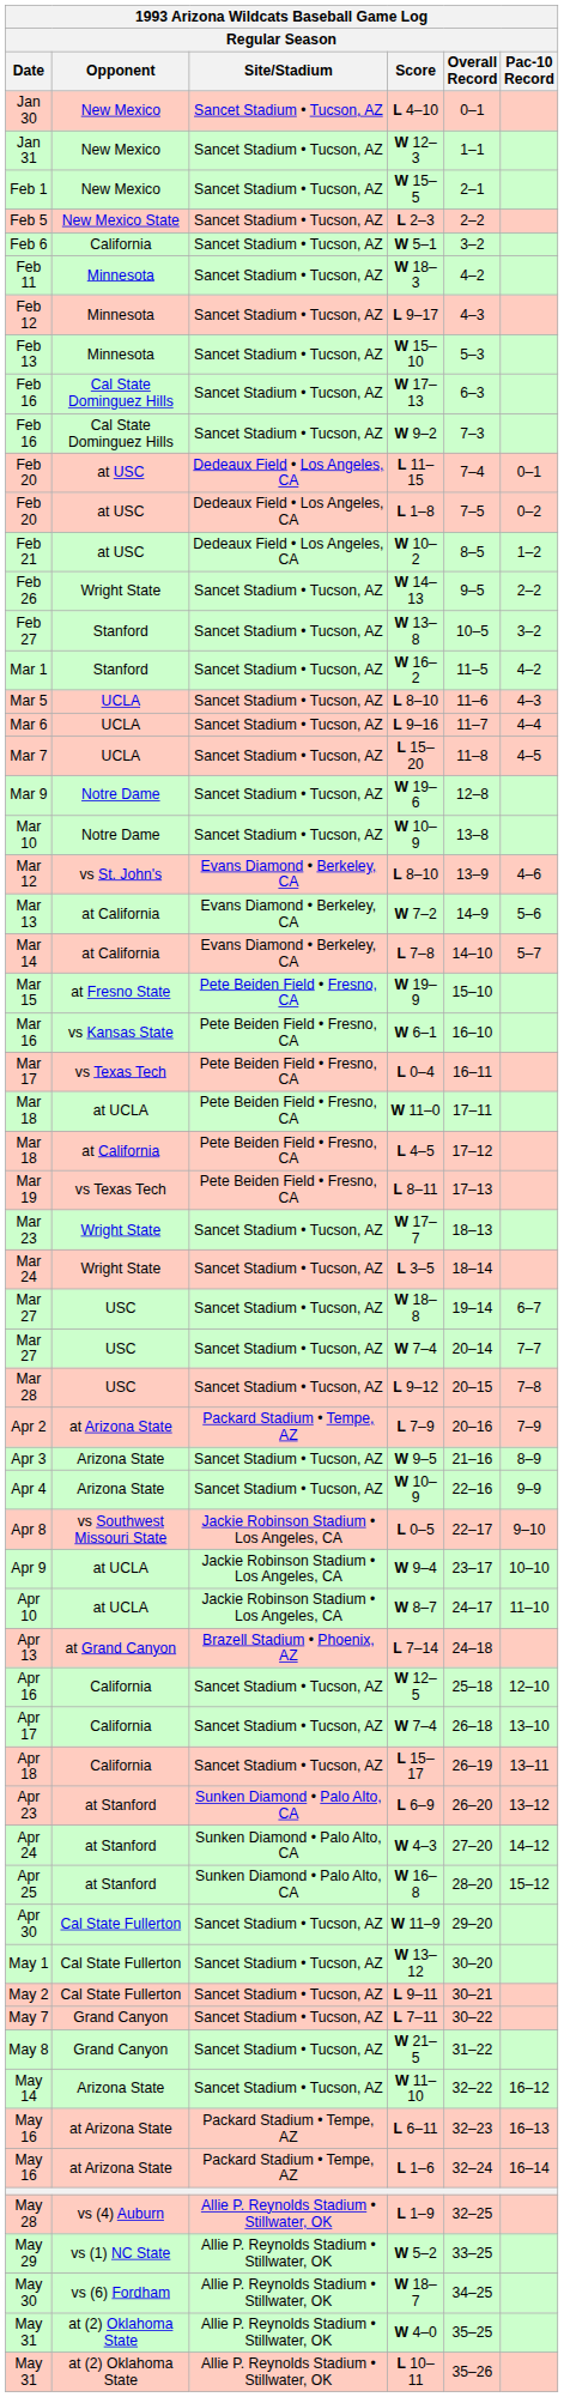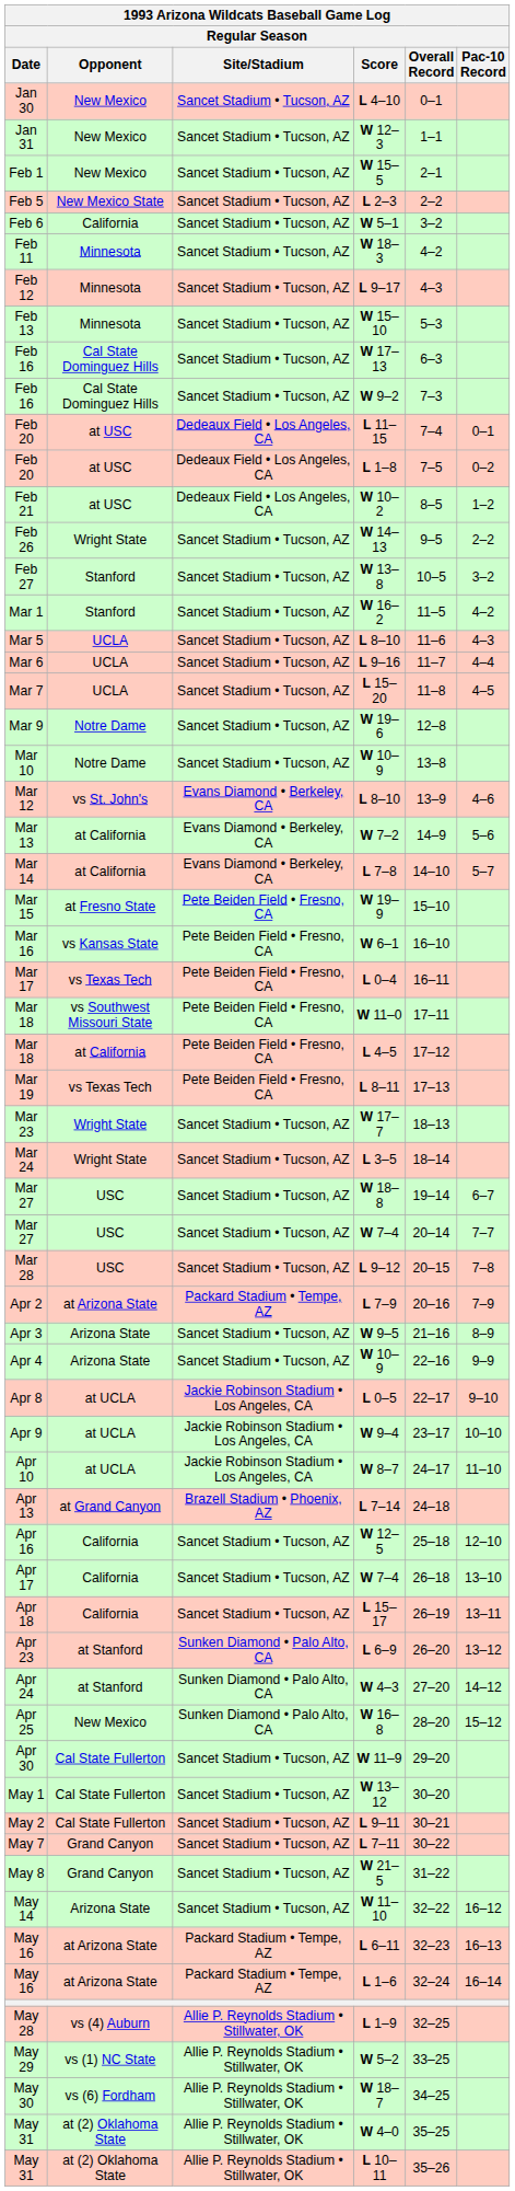 <table class="wikitable">
 <tr>
 <th colspan="6">1993 Arizona Wildcats Baseball Game Log</th>
 </tr>
 <tr>
 <th colspan="6">Regular Season</th>
 </tr>
 <tr>
 <th>Date</th>
 <th>Opponent</th>
 <th>Site/Stadium</th>
 <th>Score</th>
 <th>Overall<br>Record</th>
 <th>Pac-10<br>Record</th>
 </tr>
 <tr bgcolor="ffccc" align="center">
 <td>Jan 30</td>
 <td><a href='#'>New Mexico</a></td>
 <td><a href='#'>Sancet Stadium</a> • <a href='#'>Tucson, AZ</a></td>
 <td><strong>L</strong> 4–10</td>
 <td>0–1</td>
 <td></td>
 </tr>
 <tr bgcolor="ccffcc" align="center">
 <td>Jan 31</td>
 <td>New Mexico</td>
 <td>Sancet Stadium • Tucson, AZ</td>
 <td><strong>W</strong> 12–3</td>
 <td>1–1</td>
 <td></td>
 </tr>
 <tr bgcolor="ccffcc" align="center">
 <td>Feb 1</td>
 <td>New Mexico</td>
 <td>Sancet Stadium • Tucson, AZ</td>
 <td><strong>W</strong> 15–5</td>
 <td>2–1</td>
 <td></td>
 </tr>
 <tr bgcolor="ffccc" align="center">
 <td>Feb 5</td>
 <td><a href='#'>New Mexico State</a></td>
 <td>Sancet Stadium • Tucson, AZ</td>
 <td><strong>L</strong> 2–3</td>
 <td>2–2</td>
 <td></td>
 </tr>
 <tr bgcolor="ccffcc" align="center">
 <td>Feb 6</td>
 <td>California</td>
 <td>Sancet Stadium • Tucson, AZ</td>
 <td><strong>W</strong> 5–1</td>
 <td>3–2</td>
 <td></td>
 </tr>
 <tr bgcolor="ccffcc" align="center">
 <td>Feb 11</td>
 <td><a href='#'>Minnesota</a></td>
 <td>Sancet Stadium • Tucson, AZ</td>
 <td><strong>W</strong> 18–3</td>
 <td>4–2</td>
 <td></td>
 </tr>
 <tr bgcolor="ffccc" align="center">
 <td>Feb 12</td>
 <td>Minnesota</td>
 <td>Sancet Stadium • Tucson, AZ</td>
 <td><strong>L</strong> 9–17</td>
 <td>4–3</td>
 <td></td>
 </tr>
 <tr bgcolor="ccffcc" align="center">
 <td>Feb 13</td>
 <td>Minnesota</td>
 <td>Sancet Stadium • Tucson, AZ</td>
 <td><strong>W</strong> 15–10</td>
 <td>5–3</td>
 <td></td>
 </tr>
 <tr bgcolor="ccffcc" align="center">
 <td>Feb 16</td>
 <td><a href='#'>Cal State Dominguez Hills</a></td>
 <td>Sancet Stadium • Tucson, AZ</td>
 <td><strong>W</strong> 17–13</td>
 <td>6–3</td>
 <td></td>
 </tr>
 <tr bgcolor="ccffcc" align="center">
 <td>Feb 16</td>
 <td>Cal State Dominguez Hills</td>
 <td>Sancet Stadium • Tucson, AZ</td>
 <td><strong>W</strong> 9–2</td>
 <td>7–3</td>
 <td></td>
 </tr>
 <tr bgcolor="ffccc" align="center">
 <td>Feb 20</td>
 <td>at <a href='#'>USC</a></td>
 <td><a href='#'>Dedeaux Field</a> • <a href='#'>Los Angeles, CA</a></td>
 <td><strong>L</strong> 11–15</td>
 <td>7–4</td>
 <td>0–1</td>
 </tr>
 <tr bgcolor="ffccc" align="center">
 <td>Feb 20</td>
 <td>at USC</td>
 <td>Dedeaux Field • Los Angeles, CA</td>
 <td><strong>L</strong> 1–8</td>
 <td>7–5</td>
 <td>0–2</td>
 </tr>
 <tr bgcolor="ccffcc" align="center">
 <td>Feb 21</td>
 <td>at USC</td>
 <td>Dedeaux Field • Los Angeles, CA</td>
 <td><strong>W</strong> 10–2</td>
 <td>8–5</td>
 <td>1–2</td>
 </tr>
 <tr bgcolor="ccffcc" align="center">
 <td>Feb 26</td>
 <td>Wright State</td>
 <td>Sancet Stadium • Tucson, AZ</td>
 <td><strong>W</strong> 14–13</td>
 <td>9–5</td>
 <td>2–2</td>
 </tr>
 <tr bgcolor="ccffcc" align="center">
 <td>Feb 27</td>
 <td>Stanford</td>
 <td>Sancet Stadium • Tucson, AZ</td>
 <td><strong>W</strong> 13–8</td>
 <td>10–5</td>
 <td>3–2</td>
 </tr>
 <tr bgcolor="ccffcc" align="center">
 <td>Mar 1</td>
 <td>Stanford</td>
 <td>Sancet Stadium • Tucson, AZ</td>
 <td><strong>W</strong> 16–2</td>
 <td>11–5</td>
 <td>4–2</td>
 </tr>
 <tr bgcolor="ffccc" align="center">
 <td>Mar 5</td>
 <td><a href='#'>UCLA</a></td>
 <td>Sancet Stadium • Tucson, AZ</td>
 <td><strong>L</strong> 8–10</td>
 <td>11–6</td>
 <td>4–3</td>
 </tr>
 <tr bgcolor="ffccc" align="center">
 <td>Mar 6</td>
 <td>UCLA</td>
 <td>Sancet Stadium • Tucson, AZ</td>
 <td><strong>L</strong> 9–16</td>
 <td>11–7</td>
 <td>4–4</td>
 </tr>
 <tr bgcolor="ffccc" align="center">
 <td>Mar 7</td>
 <td>UCLA</td>
 <td>Sancet Stadium • Tucson, AZ</td>
 <td><strong>L</strong> 15–20</td>
 <td>11–8</td>
 <td>4–5</td>
 </tr>
 <tr bgcolor="ccffcc" align="center">
 <td>Mar 9</td>
 <td><a href='#'>Notre Dame</a></td>
 <td>Sancet Stadium • Tucson, AZ</td>
 <td><strong>W</strong> 19–6</td>
 <td>12–8</td>
 <td></td>
 </tr>
 <tr bgcolor="ccffcc" align="center">
 <td>Mar 10</td>
 <td>Notre Dame</td>
 <td>Sancet Stadium • Tucson, AZ</td>
 <td><strong>W</strong> 10–9</td>
 <td>13–8</td>
 <td></td>
 </tr>
 <tr bgcolor="ffccc" align="center">
 <td>Mar 12</td>
 <td>vs <a href='#'>St. John's</a></td>
 <td><a href='#'>Evans Diamond</a> • <a href='#'>Berkeley, CA</a></td>
 <td><strong>L</strong> 8–10</td>
 <td>13–9</td>
 <td>4–6</td>
 </tr>
 <tr bgcolor="ccffcc" align="center">
 <td>Mar 13</td>
 <td>at California</td>
 <td>Evans Diamond • Berkeley, CA</td>
 <td><strong>W</strong> 7–2</td>
 <td>14–9</td>
 <td>5–6</td>
 </tr>
 <tr bgcolor="ffccc" align="center">
 <td>Mar 14</td>
 <td>at California</td>
 <td>Evans Diamond • Berkeley, CA</td>
 <td><strong>L</strong> 7–8</td>
 <td>14–10</td>
 <td>5–7</td>
 </tr>
 <tr bgcolor="ccffcc" align="center">
 <td>Mar 15</td>
 <td>at <a href='#'>Fresno State</a></td>
 <td><a href='#'>Pete Beiden Field</a> • <a href='#'>Fresno, CA</a></td>
 <td><strong>W</strong> 19–9</td>
 <td>15–10</td>
 <td></td>
 </tr>
 <tr bgcolor="ccffcc" align="center">
 <td>Mar 16</td>
 <td>vs <a href='#'>Kansas State</a></td>
 <td>Pete Beiden Field • Fresno, CA</td>
 <td><strong>W</strong> 6–1</td>
 <td>16–10</td>
 <td></td>
 </tr>
 <tr bgcolor="ffccc" align="center">
 <td>Mar 17</td>
 <td>vs <a href='#'>Texas Tech</a></td>
 <td>Pete Beiden Field • Fresno, CA</td>
 <td><strong>L</strong> 0–4</td>
 <td>16–11</td>
 <td></td>
 </tr>
 <tr bgcolor="ccffcc" align="center">
 <td>Mar 18</td>
-<td>at UCLA</td>
+<td>vs <a href='#'>Southwest Missouri State</a></td>
 <td>Pete Beiden Field • Fresno, CA</td>
 <td><strong>W</strong> 11–0</td>
 <td>17–11</td>
 <td></td>
 </tr>
 <tr bgcolor="ffccc" align="center">
 <td>Mar 18</td>
 <td>at <a href='#'>California</a></td>
 <td>Pete Beiden Field • Fresno, CA</td>
 <td><strong>L</strong> 4–5</td>
 <td>17–12</td>
 <td></td>
 </tr>
 <tr bgcolor="ffccc" align="center">
 <td>Mar 19</td>
 <td>vs Texas Tech</td>
 <td>Pete Beiden Field • Fresno, CA</td>
 <td><strong>L</strong> 8–11</td>
 <td>17–13</td>
 <td></td>
 </tr>
 <tr bgcolor="ccffcc" align="center">
 <td>Mar 23</td>
 <td><a href='#'>Wright State</a></td>
 <td>Sancet Stadium • Tucson, AZ</td>
 <td><strong>W</strong> 17–7</td>
 <td>18–13</td>
 <td></td>
 </tr>
 <tr bgcolor="ffccc" align="center">
 <td>Mar 24</td>
 <td>Wright State</td>
 <td>Sancet Stadium • Tucson, AZ</td>
 <td><strong>L</strong> 3–5</td>
 <td>18–14</td>
 <td></td>
 </tr>
 <tr bgcolor="ccffcc" align="center">
 <td>Mar 27</td>
 <td>USC</td>
 <td>Sancet Stadium • Tucson, AZ</td>
 <td><strong>W</strong> 18–8</td>
 <td>19–14</td>
 <td>6–7</td>
 </tr>
 <tr bgcolor="ccffcc" align="center">
 <td>Mar 27</td>
 <td>USC</td>
 <td>Sancet Stadium • Tucson, AZ</td>
 <td><strong>W</strong> 7–4</td>
 <td>20–14</td>
 <td>7–7</td>
 </tr>
 <tr bgcolor="ffccc" align="center">
 <td>Mar 28</td>
 <td>USC</td>
 <td>Sancet Stadium • Tucson, AZ</td>
 <td><strong>L</strong> 9–12</td>
 <td>20–15</td>
 <td>7–8</td>
 </tr>
 <tr bgcolor="ffccc" align="center">
 <td>Apr 2</td>
 <td>at <a href='#'>Arizona State</a></td>
 <td><a href='#'>Packard Stadium</a> • <a href='#'>Tempe, AZ</a></td>
 <td><strong>L</strong> 7–9</td>
 <td>20–16</td>
 <td>7–9</td>
 </tr>
 <tr bgcolor="ccffcc" align="center">
 <td>Apr 3</td>
 <td>Arizona State</td>
 <td>Sancet Stadium • Tucson, AZ</td>
 <td><strong>W</strong> 9–5</td>
 <td>21–16</td>
 <td>8–9</td>
 </tr>
 <tr bgcolor="ccffcc" align="center">
 <td>Apr 4</td>
 <td>Arizona State</td>
 <td>Sancet Stadium • Tucson, AZ</td>
 <td><strong>W</strong> 10–9</td>
 <td>22–16</td>
 <td>9–9</td>
 </tr>
 <tr bgcolor="ffccc" align="center">
 <td>Apr 8</td>
-<td>vs <a href='#'>Southwest Missouri State</a></td>
+<td>at UCLA</td>
 <td><a href='#'>Jackie Robinson Stadium</a> • Los Angeles, CA</td>
 <td><strong>L</strong> 0–5</td>
 <td>22–17</td>
 <td>9–10</td>
 </tr>
 <tr bgcolor="ccffcc" align="center">
 <td>Apr 9</td>
 <td>at UCLA</td>
 <td>Jackie Robinson Stadium • Los Angeles, CA</td>
 <td><strong>W</strong> 9–4</td>
 <td>23–17</td>
 <td>10–10</td>
 </tr>
 <tr bgcolor="ccffcc" align="center">
 <td>Apr 10</td>
 <td>at UCLA</td>
 <td>Jackie Robinson Stadium • Los Angeles, CA</td>
 <td><strong>W</strong> 8–7</td>
 <td>24–17</td>
 <td>11–10</td>
 </tr>
 <tr bgcolor="ffccc" align="center">
 <td>Apr 13</td>
 <td>at <a href='#'>Grand Canyon</a></td>
 <td><a href='#'>Brazell Stadium</a> • <a href='#'>Phoenix, AZ</a></td>
 <td><strong>L</strong> 7–14</td>
 <td>24–18</td>
 <td></td>
 </tr>
 <tr bgcolor="ccffcc" align="center">
 <td>Apr 16</td>
 <td>California</td>
 <td>Sancet Stadium • Tucson, AZ</td>
 <td><strong>W</strong> 12–5</td>
 <td>25–18</td>
 <td>12–10</td>
 </tr>
 <tr bgcolor="ccffcc" align="center">
 <td>Apr 17</td>
 <td>California</td>
 <td>Sancet Stadium • Tucson, AZ</td>
 <td><strong>W</strong> 7–4</td>
 <td>26–18</td>
 <td>13–10</td>
 </tr>
 <tr bgcolor="ffccc" align="center">
 <td>Apr 18</td>
 <td>California</td>
 <td>Sancet Stadium • Tucson, AZ</td>
 <td><strong>L</strong> 15–17</td>
 <td>26–19</td>
 <td>13–11</td>
 </tr>
 <tr bgcolor="ffccc" align="center">
 <td>Apr 23</td>
 <td>at Stanford</td>
 <td><a href='#'>Sunken Diamond</a> • <a href='#'>Palo Alto, CA</a></td>
 <td><strong>L</strong> 6–9</td>
 <td>26–20</td>
 <td>13–12</td>
 </tr>
 <tr bgcolor="ccffcc" align="center">
 <td>Apr 24</td>
 <td>at Stanford</td>
 <td>Sunken Diamond • Palo Alto, CA</td>
 <td><strong>W</strong> 4–3</td>
 <td>27–20</td>
 <td>14–12</td>
 </tr>
 <tr bgcolor="ccffcc" align="center">
 <td>Apr 25</td>
-<td>at Stanford</td>
+<td>New Mexico</td>
 <td>Sunken Diamond • Palo Alto, CA</td>
 <td><strong>W</strong> 16–8</td>
 <td>28–20</td>
 <td>15–12</td>
 </tr>
 <tr bgcolor="ccffcc" align="center">
 <td>Apr 30</td>
 <td><a href='#'>Cal State Fullerton</a></td>
 <td>Sancet Stadium • Tucson, AZ</td>
 <td><strong>W</strong> 11–9</td>
 <td>29–20</td>
 <td></td>
 </tr>
 <tr bgcolor="ccffcc" align="center">
 <td>May 1</td>
 <td>Cal State Fullerton</td>
 <td>Sancet Stadium • Tucson, AZ</td>
 <td><strong>W</strong> 13–12</td>
 <td>30–20</td>
 <td></td>
 </tr>
 <tr bgcolor="ffccc" align="center">
 <td>May 2</td>
 <td>Cal State Fullerton</td>
 <td>Sancet Stadium • Tucson, AZ</td>
 <td><strong>L</strong> 9–11</td>
 <td>30–21</td>
 <td></td>
 </tr>
 <tr bgcolor="ffccc" align="center">
 <td>May 7</td>
 <td>Grand Canyon</td>
 <td>Sancet Stadium • Tucson, AZ</td>
 <td><strong>L</strong> 7–11</td>
 <td>30–22</td>
 <td></td>
 </tr>
 <tr bgcolor="ccffcc" align="center">
 <td>May 8</td>
 <td>Grand Canyon</td>
 <td>Sancet Stadium • Tucson, AZ</td>
 <td><strong>W</strong> 21–5</td>
 <td>31–22</td>
 <td></td>
 </tr>
 <tr bgcolor="ccffcc" align="center">
 <td>May 14</td>
 <td>Arizona State</td>
 <td>Sancet Stadium • Tucson, AZ</td>
 <td><strong>W</strong> 11–10</td>
 <td>32–22</td>
 <td>16–12</td>
 </tr>
 <tr bgcolor="ffccc" align="center">
 <td>May 16</td>
 <td>at Arizona State</td>
 <td>Packard Stadium • Tempe, AZ</td>
 <td><strong>L</strong> 6–11</td>
 <td>32–23</td>
 <td>16–13</td>
 </tr>
 <tr bgcolor="ffccc" align="center">
 <td>May 16</td>
 <td>at Arizona State</td>
 <td>Packard Stadium • Tempe, AZ</td>
 <td><strong>L</strong> 1–6</td>
 <td>32–24</td>
 <td>16–14</td>
 </tr>
 <tr>
 <th colspan="8"><a href='#'></a></th>
 </tr>
 <tr bgcolor="ffccc" align="center">
 <td>May 28</td>
 <td>vs (4) <a href='#'>Auburn</a></td>
 <td><a href='#'>Allie P. Reynolds Stadium</a> • <a href='#'>Stillwater, OK</a></td>
 <td><strong>L</strong> 1–9</td>
 <td>32–25</td>
 <td></td>
 </tr>
 <tr bgcolor="ccffcc" align="center">
 <td>May 29</td>
 <td>vs (1) <a href='#'>NC State</a></td>
 <td>Allie P. Reynolds Stadium • Stillwater, OK</td>
 <td><strong>W</strong> 5–2</td>
 <td>33–25</td>
 <td></td>
 </tr>
 <tr bgcolor="ccffcc" align="center">
 <td>May 30</td>
 <td>vs (6) <a href='#'>Fordham</a></td>
 <td>Allie P. Reynolds Stadium • Stillwater, OK</td>
 <td><strong>W</strong> 18–7</td>
 <td>34–25</td>
 <td></td>
 </tr>
 <tr bgcolor="ccffcc" align="center">
 <td>May 31</td>
 <td>at (2) <a href='#'>Oklahoma State</a></td>
 <td>Allie P. Reynolds Stadium • Stillwater, OK</td>
 <td><strong>W</strong> 4–0</td>
 <td>35–25</td>
 <td></td>
 </tr>
 <tr bgcolor="ffccc" align="center">
 <td>May 31</td>
 <td>at (2) Oklahoma State</td>
 <td>Allie P. Reynolds Stadium • Stillwater, OK</td>
 <td><strong>L</strong> 10–11</td>
 <td>35–26</td>
 <td></td>
 </tr>
 </table>
